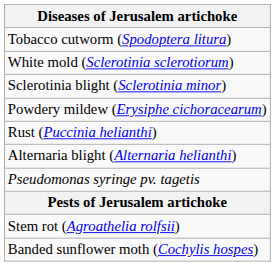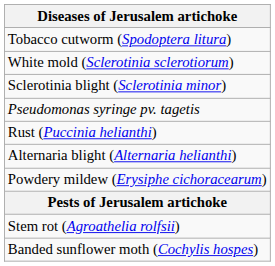 <table class="wikitable">
 <tr>
 <th>Diseases of Jerusalem artichoke</th>
 </tr>
 <tr>
 <td>Tobacco cutworm (<em><a href='#'>Spodoptera litura</a></em>)</td>
 </tr>
 <tr>
 <td>White mold (<em><a href='#'>Sclerotinia sclerotiorum</a></em>)</td>
 </tr>
 <tr>
 <td>Sclerotinia blight (<em><a href='#'>Sclerotinia minor</a></em>)</td>
 </tr>
 <tr>
-<td>Powdery mildew (<em><a href='#'>Erysiphe cichoracearum</a></em>)</td>
+<td><em>Pseudomonas syringe pv. tagetis</em></td>
 </tr>
 <tr>
 <td>Rust (<em><a href='#'>Puccinia helianthi</a></em>)</td>
 </tr>
 <tr>
 <td>Alternaria blight (<em><a href='#'>Alternaria helianthi</a></em>)</td>
 </tr>
 <tr>
-<td><em>Pseudomonas syringe pv. tagetis</em></td>
+<td>Powdery mildew (<em><a href='#'>Erysiphe cichoracearum</a></em>)</td>
 </tr>
 <tr>
 <th>Pests of Jerusalem artichoke</th>
 </tr>
 <tr>
 <td>Stem rot (<em><a href='#'>Agroathelia rolfsii</a></em>)</td>
 </tr>
 <tr>
 <td>Banded sunflower moth (<em><a href='#'>Cochylis hospes</a></em>)</td>
 </tr>
 </table>
